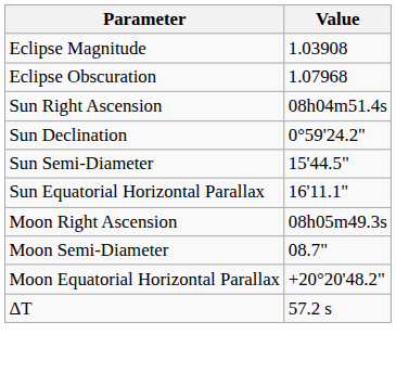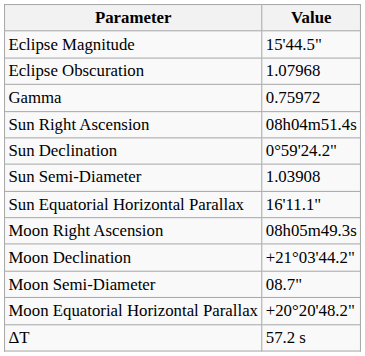 <table class="wikitable">
 <tr>
 <th>Parameter</th>
 <th>Value</th>
 </tr>
 <tr>
 <td>Eclipse Magnitude</td>
-<td>1.03908</td>
+<td>15'44.5"</td>
 </tr>
 <tr>
 <td>Eclipse Obscuration</td>
 <td>1.07968</td>
+</tr>
+<tr>
+<td>Gamma</td>
+<td>0.75972</td>
 </tr>
 <tr>
 <td>Sun Right Ascension</td>
 <td>08h04m51.4s</td>
 </tr>
 <tr>
 <td>Sun Declination</td>
 <td>0°59'24.2"</td>
 </tr>
 <tr>
 <td>Sun Semi-Diameter</td>
-<td>15'44.5"</td>
+<td>1.03908</td>
 </tr>
 <tr>
 <td>Sun Equatorial Horizontal Parallax</td>
 <td>16'11.1"</td>
 </tr>
 <tr>
 <td>Moon Right Ascension</td>
 <td>08h05m49.3s</td>
+</tr>
+<tr>
+<td>Moon Declination</td>
+<td>+21°03'44.2"</td>
 </tr>
 <tr>
 <td>Moon Semi-Diameter</td>
 <td>08.7"</td>
 </tr>
 <tr>
 <td>Moon Equatorial Horizontal Parallax</td>
 <td>+20°20'48.2"</td>
 </tr>
 <tr>
 <td>ΔT</td>
 <td>57.2 s</td>
 </tr>
 </table>
